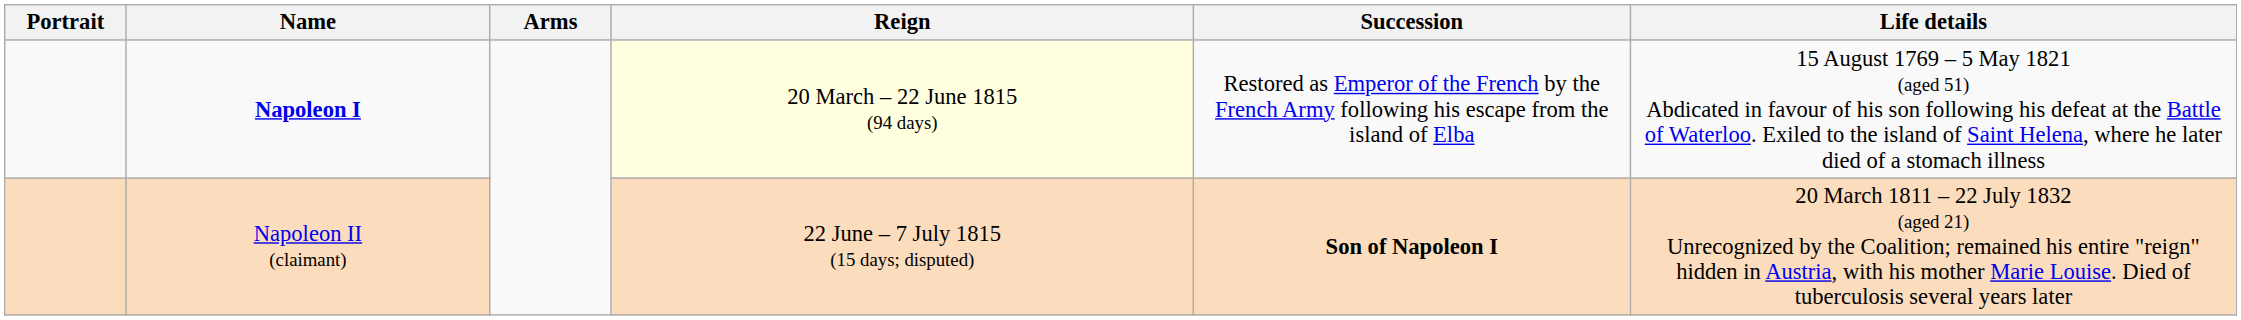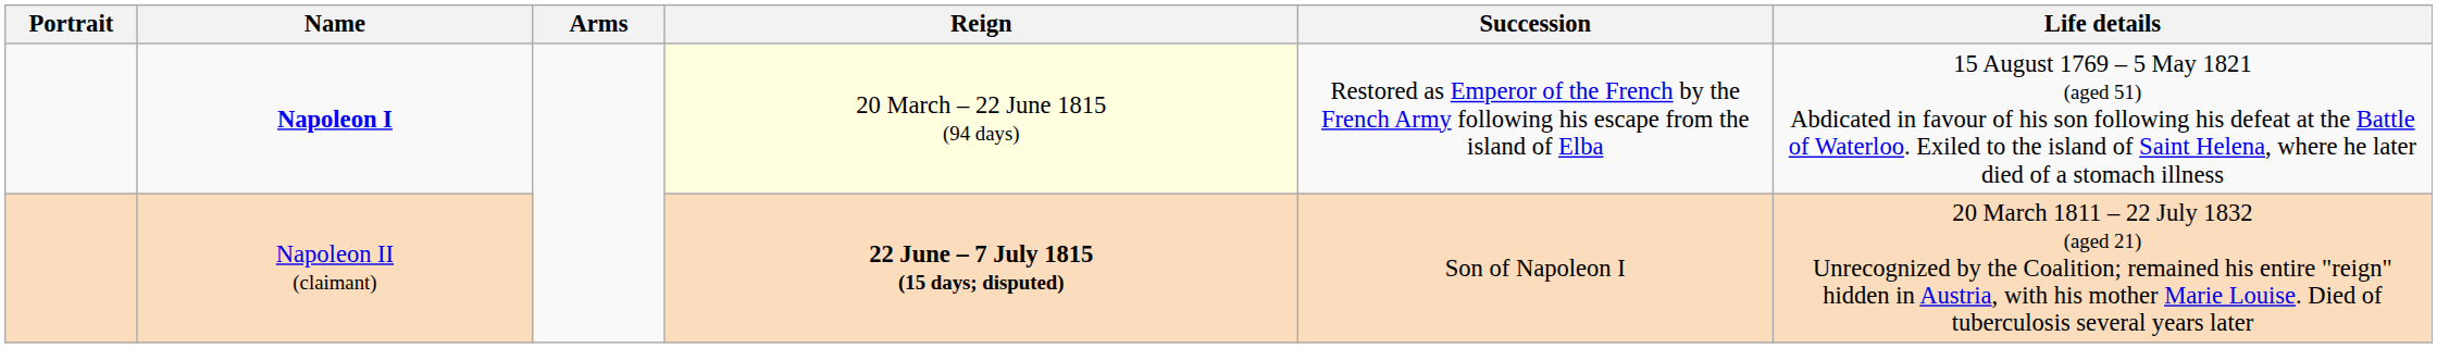 <table class="wikitable" style="text-align:center; width:100%;">
 <tr>
 <th width="5%">Portrait</th>
 <th width="15%">Name</th>
 <th width="5%">Arms</th>
 <th width="24%">Reign</th>
 <th width="18%">Succession</th>
 <th width="25%">Life details</th>
 </tr>
 <tr>
 <td></td>
 <td><strong><a href='#'>Napoleon I</a></strong></td>
 <td rowspan="2"></td>
 <td style="background: lightyellow;">20 March – 22 June 1815<br><small>(94 days)</small></td>
 <td>Restored as <a href='#'>Emperor of the French</a> by the <a href='#'>French Army</a> following his escape from the island of <a href='#'>Elba</a></td>
 <td>15 August 1769 – 5 May 1821<br><small>(aged 51)</small><br>Abdicated in favour of his son following his defeat at the <a href='#'>Battle of Waterloo</a>. Exiled to the island of <a href='#'>Saint Helena</a>, where he later died of a stomach illness</td>
 </tr>
 <tr>
 <td bgcolor="#FBDDBD"></td>
 <td bgcolor="#FBDDBD"><a href='#'>Napoleon II</a><br><small>(claimant)</small></td>
-<td bgcolor="#FBDDBD">22 June – 7 July 1815<br><small>(15 days; disputed)</small></td>
-<td bgcolor="#FBDDBD"><strong>Son of Napoleon I</strong></td>
+<td bgcolor="#FBDDBD"><strong>22 June – 7 July 1815<br><small>(15 days; disputed)</small></strong></td>
+<td bgcolor="#FBDDBD">Son of Napoleon I</td>
 <td bgcolor="#FBDDBD">20 March 1811 – 22 July 1832<br><small>(aged 21)</small><br>Unrecognized by the Coalition; remained his entire "reign" hidden in <a href='#'>Austria</a>, with his mother <a href='#'>Marie Louise</a>. Died of tuberculosis several years later</td>
 </tr>
 </table>
